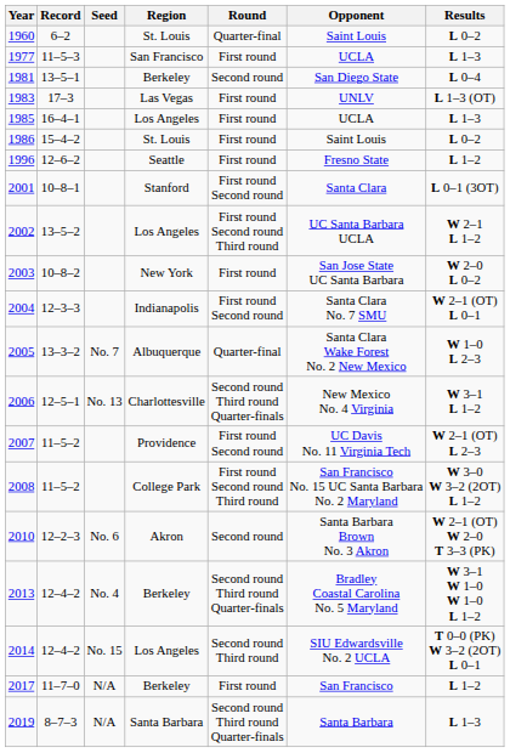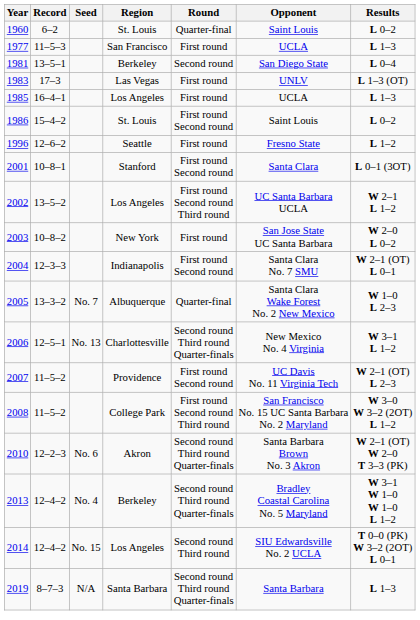 <table class="wikitable" border="1" class="wikitable" style="text-align:center;font-size: %">
 <tr align="center">
 <th>Year</th>
 <th>Record</th>
 <th>Seed</th>
 <th>Region</th>
 <th>Round</th>
 <th>Opponent</th>
 <th>Results</th>
 </tr>
 <tr>
 <td><a href='#'>1960</a></td>
 <td>6–2</td>
 <td></td>
 <td>St. Louis</td>
 <td>Quarter-final</td>
 <td><a href='#'>Saint Louis</a></td>
 <td><strong>L</strong> 0–2</td>
 </tr>
 <tr>
 <td><a href='#'>1977</a></td>
 <td>11–5–3</td>
 <td></td>
 <td>San Francisco</td>
 <td>First round</td>
 <td><a href='#'>UCLA</a></td>
 <td><strong>L</strong> 1–3</td>
 </tr>
 <tr>
 <td><a href='#'>1981</a></td>
 <td>13–5–1</td>
 <td></td>
 <td>Berkeley</td>
 <td>Second round</td>
 <td><a href='#'>San Diego State</a></td>
 <td><strong>L</strong> 0–4</td>
 </tr>
 <tr>
 <td><a href='#'>1983</a></td>
 <td>17–3</td>
 <td></td>
 <td>Las Vegas</td>
 <td>First round</td>
 <td><a href='#'>UNLV</a></td>
 <td><strong>L</strong> 1–3 (OT)</td>
 </tr>
 <tr>
 <td><a href='#'>1985</a></td>
 <td>16–4–1</td>
 <td></td>
 <td>Los Angeles</td>
 <td>First round</td>
 <td>UCLA</td>
 <td><strong>L</strong> 1–3</td>
 </tr>
 <tr>
 <td><a href='#'>1986</a></td>
 <td>15–4–2</td>
 <td></td>
 <td>St. Louis</td>
-<td>First round</td>
+<td>First round<br>Second round</td>
 <td>Saint Louis</td>
 <td><strong>L</strong> 0–2</td>
 </tr>
 <tr>
 <td><a href='#'>1996</a></td>
 <td>12–6–2</td>
 <td></td>
 <td>Seattle</td>
 <td>First round</td>
 <td><a href='#'>Fresno State</a></td>
 <td><strong>L</strong> 1–2</td>
 </tr>
 <tr>
 <td><a href='#'>2001</a></td>
 <td>10–8–1</td>
 <td></td>
 <td>Stanford</td>
 <td>First round<br>Second round</td>
 <td><a href='#'>Santa Clara</a></td>
 <td><strong>L</strong> 0–1 (3OT)</td>
 </tr>
 <tr>
 <td><a href='#'>2002</a></td>
 <td>13–5–2</td>
 <td></td>
 <td>Los Angeles</td>
 <td>First round<br>Second round<br>Third round</td>
 <td><a href='#'>UC Santa Barbara</a><br>UCLA</td>
 <td><strong>W</strong> 2–1<br><strong>L</strong> 1–2</td>
 </tr>
 <tr>
 <td><a href='#'>2003</a></td>
 <td>10–8–2</td>
 <td></td>
 <td>New York</td>
 <td>First round</td>
 <td><a href='#'>San Jose State</a><br>UC Santa Barbara</td>
 <td><strong>W</strong> 2–0<br><strong>L</strong> 0–2</td>
 </tr>
 <tr>
 <td><a href='#'>2004</a></td>
 <td>12–3–3</td>
 <td></td>
 <td>Indianapolis</td>
 <td>First round<br>Second round</td>
 <td>Santa Clara<br>No. 7 <a href='#'>SMU</a></td>
 <td><strong>W</strong> 2–1 (OT)<br><strong>L</strong> 0–1</td>
 </tr>
 <tr>
 <td><a href='#'>2005</a></td>
 <td>13–3–2</td>
 <td>No. 7</td>
 <td>Albuquerque</td>
 <td>Quarter-final</td>
 <td>Santa Clara<br><a href='#'>Wake Forest</a><br>No. 2 <a href='#'>New Mexico</a></td>
 <td><strong>W</strong> 1–0<br><strong>L</strong> 2–3</td>
 </tr>
 <tr>
 <td><a href='#'>2006</a></td>
 <td>12–5–1</td>
 <td>No. 13</td>
 <td>Charlottesville</td>
 <td>Second round<br>Third round<br>Quarter-finals</td>
 <td>New Mexico<br>No. 4 <a href='#'>Virginia</a></td>
 <td><strong>W</strong> 3–1<br><strong>L</strong> 1–2</td>
 </tr>
 <tr>
 <td><a href='#'>2007</a></td>
 <td>11–5–2</td>
 <td></td>
 <td>Providence</td>
 <td>First round<br>Second round</td>
 <td><a href='#'>UC Davis</a><br>No. 11 <a href='#'>Virginia Tech</a></td>
 <td><strong>W</strong> 2–1 (OT)<br><strong>L</strong> 2–3</td>
 </tr>
 <tr>
 <td><a href='#'>2008</a></td>
 <td>11–5–2</td>
 <td></td>
 <td>College Park</td>
 <td>First round<br>Second round<br>Third round</td>
 <td><a href='#'>San Francisco</a><br>No. 15 UC Santa Barbara<br>No. 2 <a href='#'>Maryland</a></td>
 <td><strong>W</strong> 3–0<br><strong>W</strong> 3–2 (2OT)<br><strong>L</strong> 1–2</td>
 </tr>
 <tr>
 <td><a href='#'>2010</a></td>
 <td>12–2–3</td>
 <td>No. 6</td>
 <td>Akron</td>
-<td>Second round</td>
+<td>Second round<br>Third round<br>Quarter-finals</td>
 <td>Santa Barbara<br><a href='#'>Brown</a><br>No. 3 <a href='#'>Akron</a></td>
 <td><strong>W</strong> 2–1 (OT)<br><strong>W</strong> 2–0<br><strong>T</strong> 3–3 (PK)</td>
 </tr>
 <tr>
 <td><a href='#'>2013</a></td>
 <td>12–4–2</td>
 <td>No. 4</td>
 <td>Berkeley</td>
 <td>Second round<br>Third round<br>Quarter-finals</td>
 <td><a href='#'>Bradley</a><br><a href='#'>Coastal Carolina</a><br>No. 5 <a href='#'>Maryland</a></td>
 <td><strong>W</strong> 3–1<br><strong>W</strong> 1–0<br><strong>W</strong> 1–0<br><strong>L</strong> 1–2</td>
 </tr>
 <tr>
 <td><a href='#'>2014</a></td>
 <td>12–4–2</td>
 <td>No. 15</td>
 <td>Los Angeles</td>
 <td>Second round<br>Third round</td>
 <td><a href='#'>SIU Edwardsville</a><br>No. 2 <a href='#'>UCLA</a></td>
 <td><strong>T</strong> 0–0 (PK)<br><strong>W</strong> 3–2 (2OT)<br><strong>L</strong> 0–1</td>
 </tr>
 <tr>
-<td><a href='#'>2017</a></td>
-<td>11–7–0</td>
-<td>N/A</td>
-<td>Berkeley</td>
-<td>First round</td>
-<td><a href='#'>San Francisco</a></td>
-<td><strong>L</strong> 1–2</td>
-</tr>
-<tr>
 <td><a href='#'>2019</a></td>
 <td>8–7–3</td>
 <td>N/A</td>
 <td>Santa Barbara</td>
 <td>Second round<br>Third round<br>Quarter-finals</td>
 <td><a href='#'>Santa Barbara</a></td>
 <td><strong>L</strong> 1–3</td>
 </tr>
 </table>
